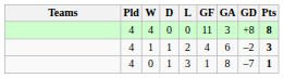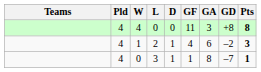 <table class="wikitable" style="text-align: center;">
 <tr>
 <th width=165>Teams</th>
 <th width=20>Pld</th>
 <th width=20>W</th>
+<th width=20>L</th>
 <th width=20>D</th>
-<th width=20>L</th>
 <th width=20>GF</th>
 <th width=20>GA</th>
 <th width=20>GD</th>
 <th width=20>Pts</th>
 </tr>
 <tr align=center style="background:#ccffcc;">
 <td style="text-align:left;"></td>
 <td>4</td>
 <td>4</td>
 <td>0</td>
 <td>0</td>
 <td>11</td>
 <td>3</td>
 <td>+8</td>
 <td><strong>8</strong></td>
 </tr>
 <tr align=center>
 <td style="text-align:left;"></td>
 <td>4</td>
 <td>1</td>
+<td>2</td>
 <td>1</td>
-<td>2</td>
 <td>4</td>
 <td>6</td>
 <td>–2</td>
 <td><strong>3</strong></td>
 </tr>
 <tr align=center>
 <td style="text-align:left;"></td>
 <td>4</td>
 <td>0</td>
+<td>3</td>
 <td>1</td>
-<td>3</td>
 <td>1</td>
 <td>8</td>
 <td>–7</td>
 <td><strong>1</strong></td>
 </tr>
 </table>
